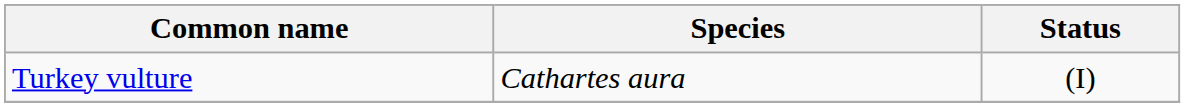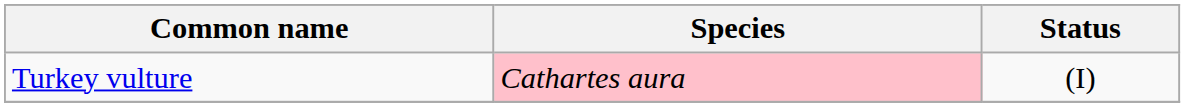 <table width=70% class="wikitable">
 <tr>
 <th width=20%>Common name</th>
 <th width=20%>Species</th>
 <th width=8%>Status</th>
 </tr>
 <tr>
 <td><a href='#'>Turkey vulture</a></td>
-<td><em>Cathartes aura</em></td>
+<td style="background: pink;"><em>Cathartes aura</em></td>
 <td align=center>(I)</td>
 </tr>
 <tr>
 </tr>
 </table>
